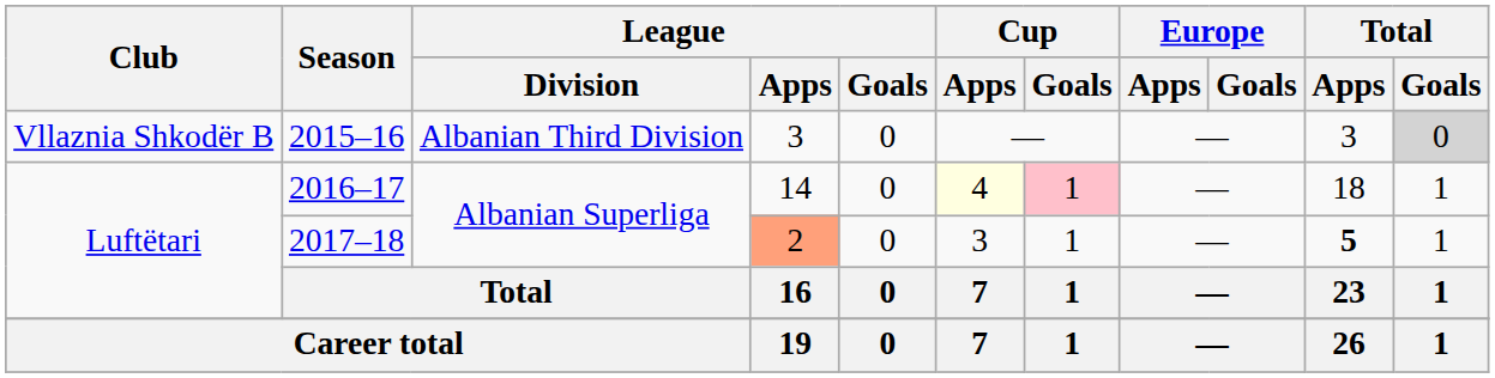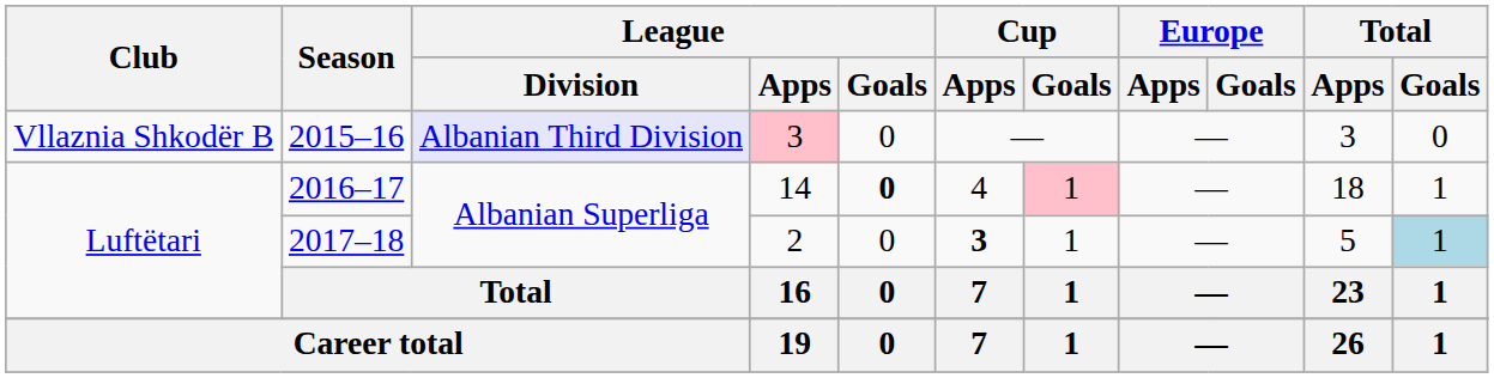 <table class="wikitable" style="text-align:center">
 <tr>
 <th rowspan="2">Club</th>
 <th rowspan="2">Season</th>
 <th colspan="3">League</th>
 <th colspan="2">Cup</th>
 <th colspan="2"><a href='#'>Europe</a></th>
 <th colspan="2">Total</th>
 </tr>
 <tr>
 <th>Division</th>
 <th>Apps</th>
 <th>Goals</th>
 <th>Apps</th>
 <th>Goals</th>
 <th>Apps</th>
 <th>Goals</th>
 <th>Apps</th>
 <th>Goals</th>
 </tr>
 <tr>
 <td rowspan="1" valign="center"><a href='#'>Vllaznia Shkodër B</a></td>
 <td><a href='#'>2015–16</a></td>
-<td rowspan="1"><a href='#'>Albanian Third Division</a></td>
-<td>3</td>
+<td rowspan="1" style="background: lavender;"><a href='#'>Albanian Third Division</a></td>
+<td style="background: pink;">3</td>
 <td>0</td>
 <td colspan="2">—</td>
 <td colspan="2">—</td>
 <td>3</td>
-<td style="background: lightgrey;">0</td>
+<td>0</td>
 </tr>
 <tr>
 <td rowspan="3" valign="center"><a href='#'>Luftëtari</a></td>
 <td><a href='#'>2016–17</a></td>
 <td rowspan="2"><a href='#'>Albanian Superliga</a></td>
 <td>14</td>
-<td>0</td>
-<td style="background: lightyellow;">4</td>
+<td><strong>0</strong></td>
+<td>4</td>
 <td style="background: pink;">1</td>
 <td colspan="2">—</td>
 <td>18</td>
 <td>1</td>
 </tr>
 <tr>
 <td><a href='#'>2017–18</a></td>
-<td style="background: lightsalmon;">2</td>
+<td>2</td>
 <td>0</td>
-<td>3</td>
+<td><strong>3</strong></td>
 <td>1</td>
 <td colspan="2">—</td>
-<td><strong>5</strong></td>
-<td>1</td>
+<td>5</td>
+<td style="background: lightblue;">1</td>
 </tr>
 <tr>
 <th colspan="2" valign="center">Total</th>
 <th>16</th>
 <th>0</th>
 <th>7</th>
 <th>1</th>
 <th colspan="2">—</th>
 <th>23</th>
 <th>1</th>
 </tr>
 <tr>
 </tr>
 <tr>
 <th colspan="3">Career total</th>
 <th>19</th>
 <th>0</th>
 <th>7</th>
 <th>1</th>
 <th colspan="2">—</th>
 <th>26</th>
 <th>1</th>
 </tr>
 </table>
